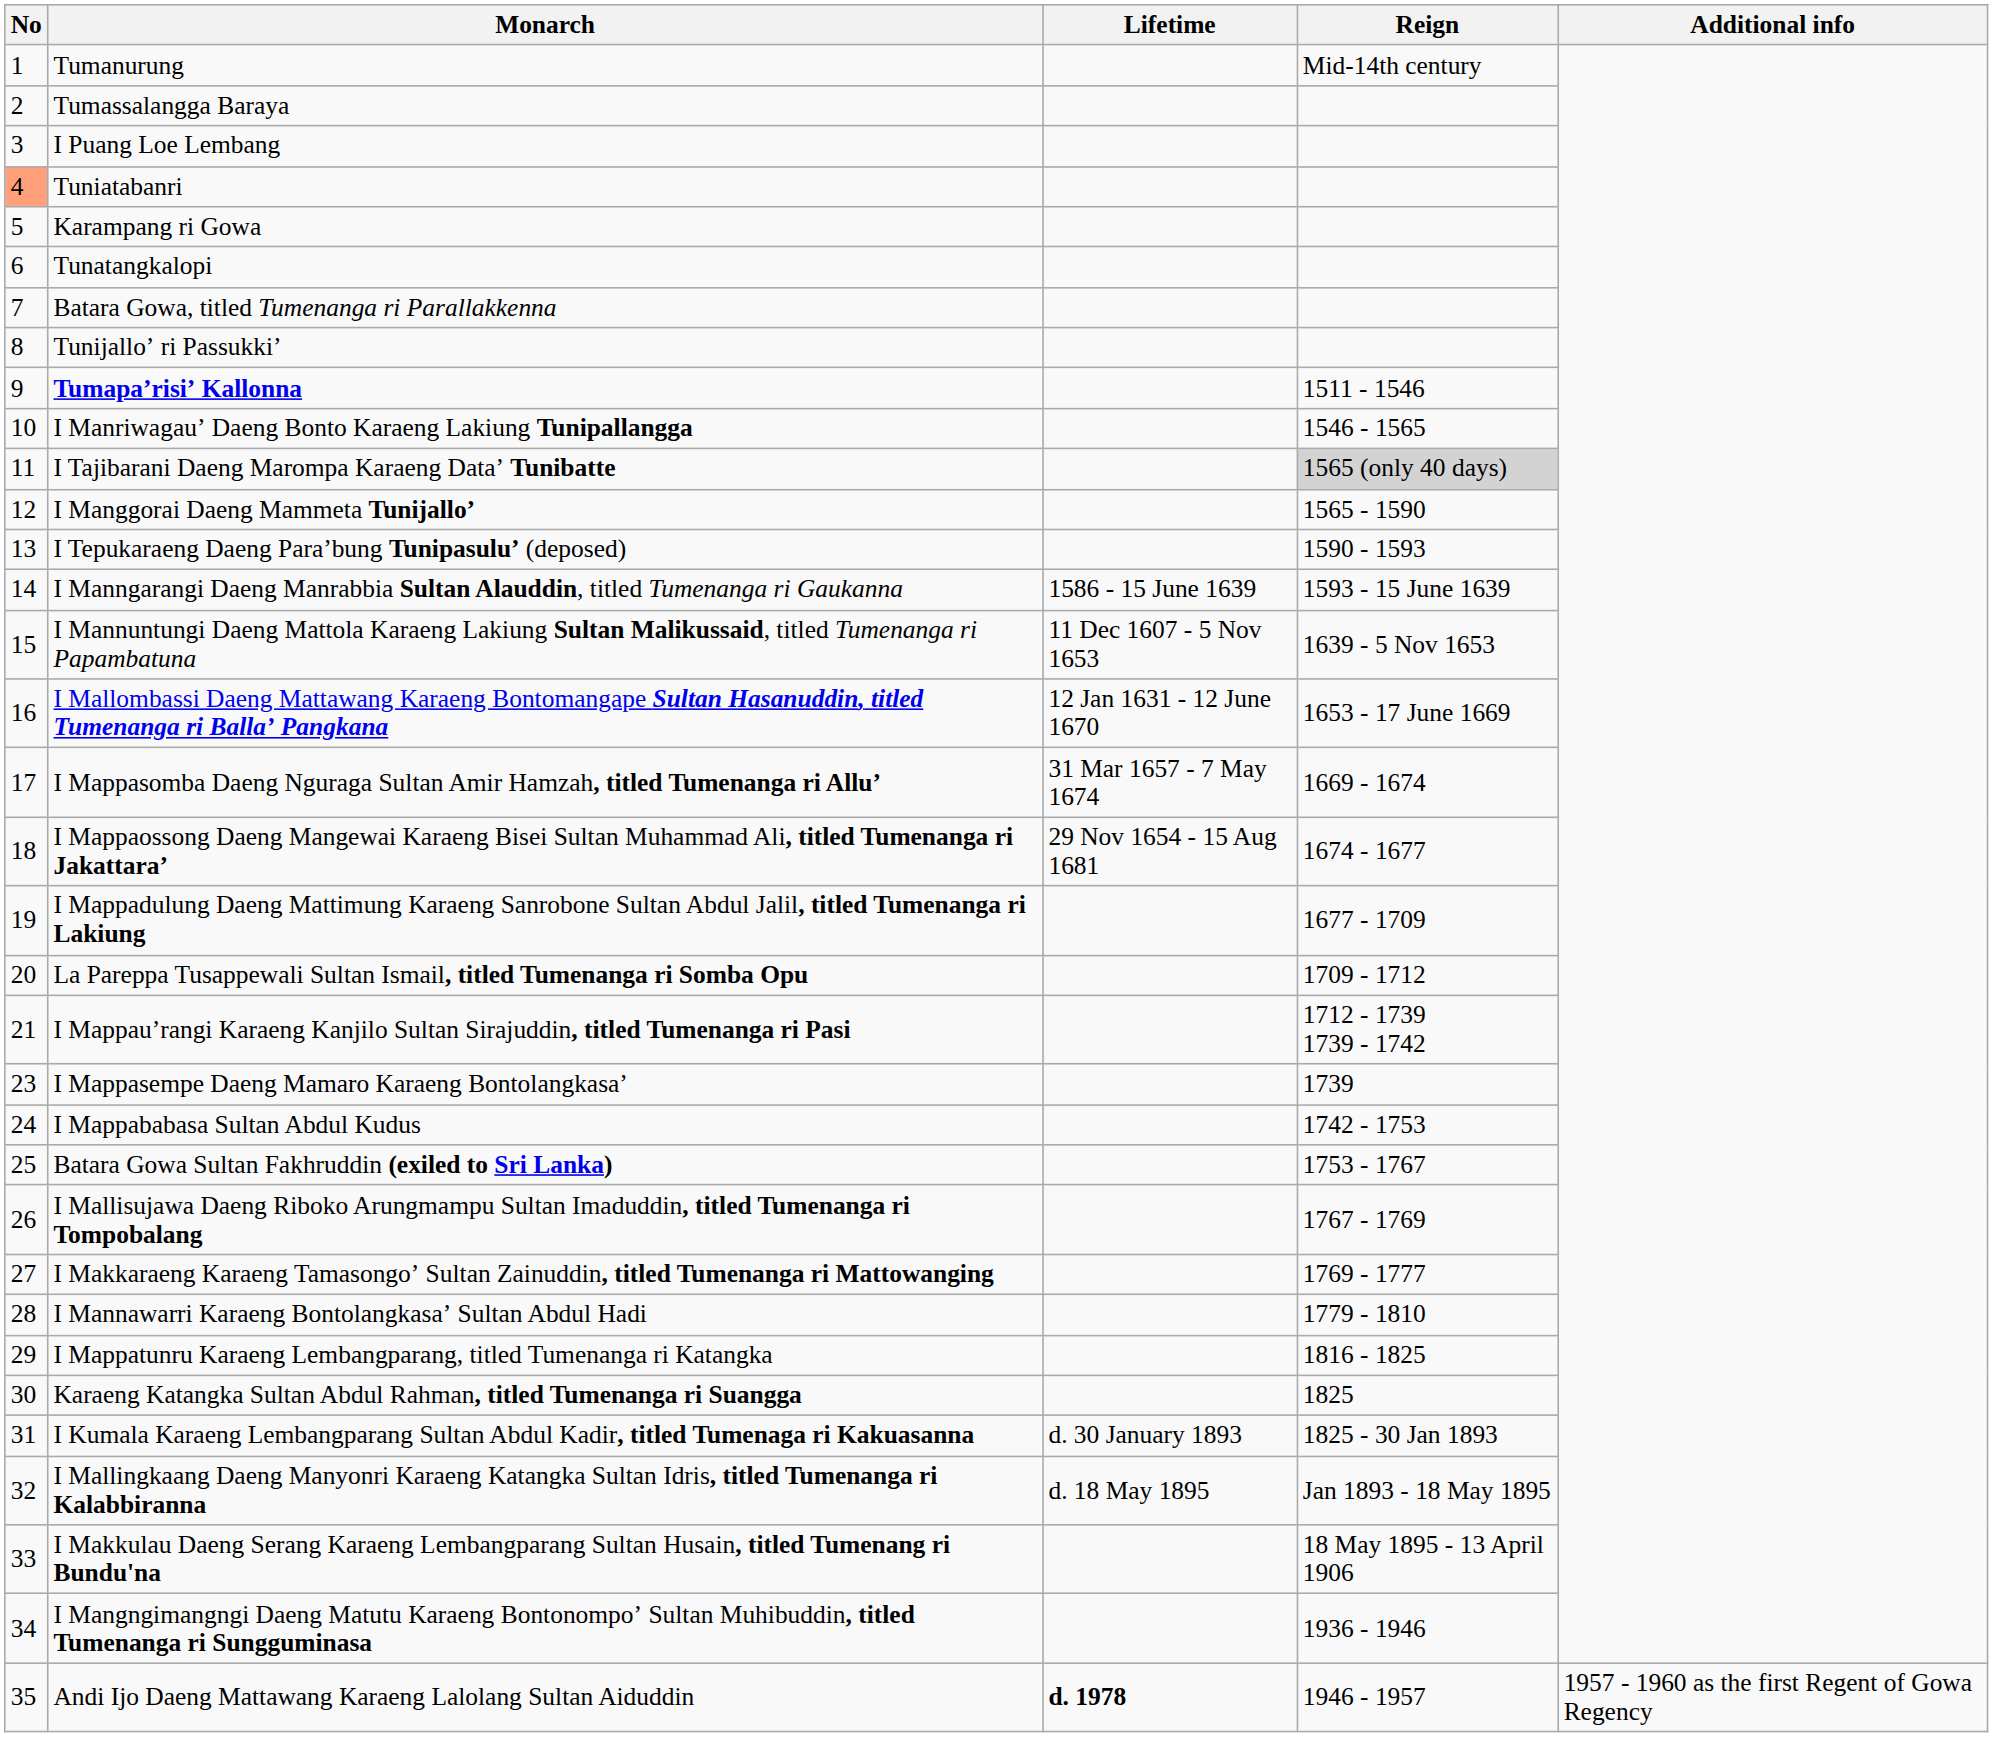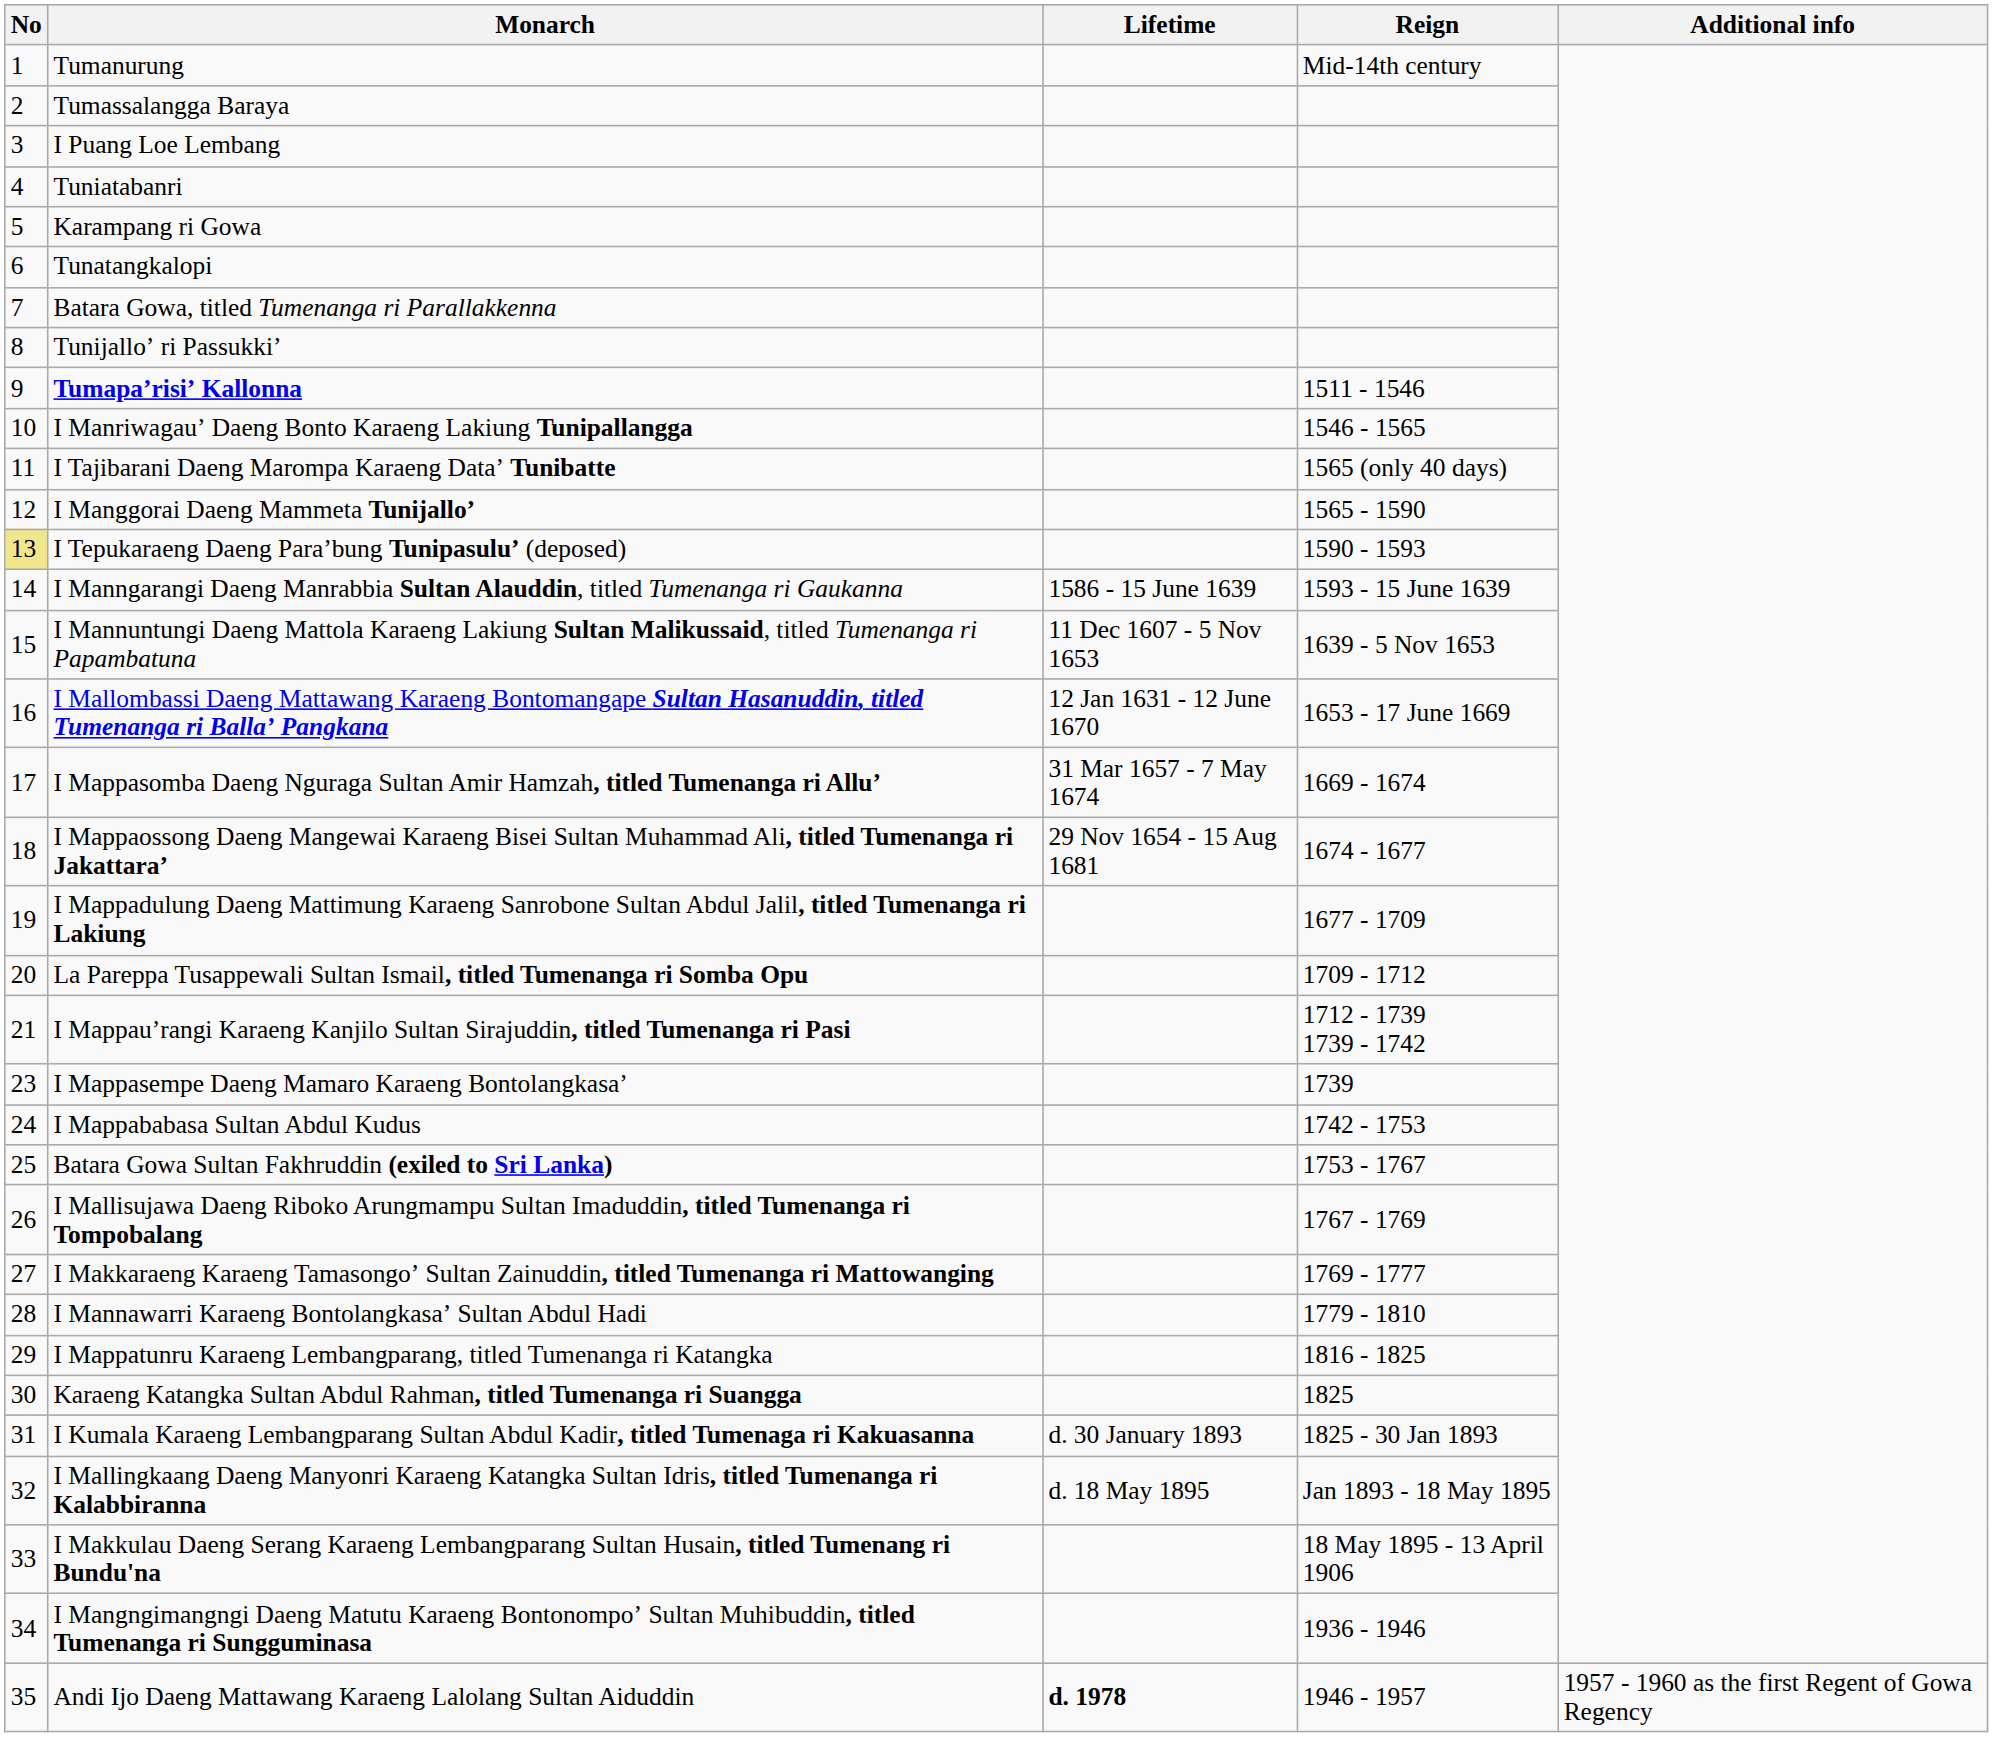 <table class="wikitable">
 <tr>
 <th>No</th>
 <th>Monarch</th>
 <th>Lifetime</th>
 <th>Reign</th>
 <th>Additional info</th>
 </tr>
 <tr>
 <td>1</td>
 <td>Tumanurung</td>
 <td></td>
 <td>Mid-14th century</td>
 </tr>
 <tr>
 <td>2</td>
 <td>Tumassalangga Baraya</td>
 <td></td>
 <td></td>
 </tr>
 <tr>
 <td>3</td>
 <td>I Puang Loe Lembang</td>
 <td></td>
 <td></td>
 </tr>
 <tr>
-<td style="background: lightsalmon;">4</td>
+<td>4</td>
 <td>Tuniatabanri</td>
 <td></td>
 <td></td>
 </tr>
 <tr>
 <td>5</td>
 <td>Karampang ri Gowa</td>
 <td></td>
 <td></td>
 </tr>
 <tr>
 <td>6</td>
 <td>Tunatangkalopi</td>
 <td></td>
 <td></td>
 </tr>
 <tr>
 <td>7</td>
 <td>Batara Gowa, titled <em>Tumenanga ri Parallakkenna</em></td>
 <td></td>
 <td></td>
 </tr>
 <tr>
 <td>8</td>
 <td>Tunijalloʼ ri Passukkiʼ</td>
 <td></td>
 <td></td>
 </tr>
 <tr>
 <td>9</td>
 <td><a href='#'><strong>Tumapaʼrisiʼ Kallonna</strong></a></td>
 <td></td>
 <td>1511 - 1546</td>
 </tr>
 <tr>
 <td>10</td>
 <td>I Manriwagauʼ Daeng Bonto Karaeng Lakiung <strong>Tunipallangga</strong></td>
 <td></td>
 <td>1546 - 1565</td>
 </tr>
 <tr>
 <td>11</td>
 <td>I Tajibarani Daeng Marompa Karaeng Dataʼ <strong>Tunibatte</strong></td>
 <td></td>
-<td style="background: lightgrey;">1565 (only 40 days)</td>
+<td>1565 (only 40 days)</td>
 </tr>
 <tr>
 <td>12</td>
 <td>I Manggorai Daeng Mammeta <strong>Tunijalloʼ</strong></td>
 <td></td>
 <td>1565 - 1590</td>
 </tr>
 <tr>
-<td>13</td>
+<td style="background: khaki;">13</td>
 <td>I Tepukaraeng Daeng Paraʼbung <strong>Tunipasuluʼ</strong> (deposed)</td>
 <td></td>
 <td>1590 - 1593</td>
 </tr>
 <tr>
 <td>14</td>
 <td>I Manngarangi Daeng Manrabbia <strong>Sultan Alauddin</strong>, titled <em>Tumenanga ri Gaukanna</em></td>
 <td>1586 - 15 June 1639</td>
 <td>1593 - 15 June 1639</td>
 </tr>
 <tr>
 <td>15</td>
 <td>I Mannuntungi Daeng Mattola Karaeng Lakiung <strong>Sultan Malikussaid</strong>, titled <em>Tumenanga ri Papambatuna</em></td>
 <td>11 Dec 1607 - 5 Nov 1653</td>
 <td>1639 -  5 Nov 1653</td>
 </tr>
 <tr>
 <td>16</td>
 <td><a href='#'>I Mallombassi Daeng Mattawang Karaeng Bontomangape <strong><em>Sultan Hasanuddin<strong>,<em> titled </em>Tumenanga ri Ballaʼ Pangkana<em></a></td>
 <td>12 Jan 1631 - 12 June 1670</td>
 <td>1653 - 17 June 1669</td>
 </tr>
 <tr>
 <td>17</td>
 <td>I Mappasomba Daeng Nguraga </strong>Sultan Amir Hamzah<strong>, titled </em>Tumenanga ri Alluʼ<em></td>
 <td>31 Mar 1657 - 7 May 1674</td>
 <td>1669 - 1674</td>
 </tr>
 <tr>
 <td>18</td>
 <td>I Mappaossong Daeng Mangewai Karaeng Bisei </strong>Sultan Muhammad Ali<strong>, titled </em>Tumenanga ri Jakattaraʼ<em></td>
 <td>29 Nov 1654 - 15 Aug 1681</td>
 <td>1674 - 1677</td>
 </tr>
 <tr>
 <td>19</td>
 <td>I Mappadulung Daeng Mattimung Karaeng Sanrobone </strong>Sultan Abdul Jalil<strong>, titled </em>Tumenanga ri Lakiung<em></td>
 <td></td>
 <td>1677 - 1709</td>
 </tr>
 <tr>
 <td>20</td>
 <td>La Pareppa Tusappewali </strong>Sultan Ismail<strong>, titled </em>Tumenanga ri Somba Opu<em></td>
 <td></td>
 <td>1709 - 1712</td>
 </tr>
 <tr>
 <td>21</td>
 <td>I Mappauʼrangi Karaeng Kanjilo </strong>Sultan Sirajuddin<strong>, titled </em>Tumenanga ri Pasi<em></td>
 <td></td>
 <td>1712 - 1739<br>1739 - 1742</td>
 </tr>
 <tr>
 <td>23</td>
 <td>I Mappasempe Daeng Mamaro Karaeng Bontolangkasaʼ</td>
 <td></td>
 <td>1739</td>
 </tr>
 <tr>
 <td>24</td>
 <td>I Mappababasa </strong>Sultan Abdul Kudus<strong></td>
 <td></td>
 <td>1742 - 1753</td>
 </tr>
 <tr>
 <td>25</td>
 <td>Batara Gowa </strong>Sultan Fakhruddin<strong> (exiled to <a href='#'>Sri Lanka</a>)</td>
 <td></td>
 <td>1753 - 1767</td>
 </tr>
 <tr>
 <td>26</td>
 <td>I Mallisujawa Daeng Riboko Arungmampu </strong>Sultan Imaduddin<strong>, titled </em>Tumenanga ri Tompobalang<em></td>
 <td></td>
 <td>1767 - 1769</td>
 </tr>
 <tr>
 <td>27</td>
 <td>I Makkaraeng Karaeng Tamasongoʼ </strong>Sultan Zainuddin<strong>, titled </em>Tumenanga ri Mattowanging<em></td>
 <td></td>
 <td>1769 - 1777</td>
 </tr>
 <tr>
 <td>28</td>
 <td>I Mannawarri Karaeng Bontolangkasaʼ </strong>Sultan Abdul Hadi<strong></td>
 <td></td>
 <td>1779 - 1810</td>
 </tr>
 <tr>
 <td>29</td>
 <td>I Mappatunru Karaeng Lembangparang, titled </em>Tumenanga ri Katangka<em></td>
 <td></td>
 <td>1816 - 1825</td>
 </tr>
 <tr>
 <td>30</td>
 <td>Karaeng Katangka </strong>Sultan Abdul Rahman<strong>, titled </em>Tumenanga ri Suangga<em></td>
 <td></td>
 <td>1825</td>
 </tr>
 <tr>
 <td>31</td>
 <td>I Kumala Karaeng Lembangparang </strong>Sultan Abdul Kadir<strong>, titled </em>Tumenaga ri Kakuasanna<em></td>
 <td>d. 30 January 1893</td>
 <td>1825 - 30 Jan 1893</td>
 </tr>
 <tr>
 <td>32</td>
 <td>I Mallingkaang Daeng Manyonri Karaeng Katangka </strong>Sultan Idris<strong>, titled </em>Tumenanga ri Kalabbiranna<em></td>
 <td>d. 18 May 1895</td>
 <td>Jan 1893 - 18 May 1895</td>
 </tr>
 <tr>
 <td>33</td>
 <td>I Makkulau Daeng Serang Karaeng Lembangparang </strong>Sultan Husain<strong>, titled </em>Tumenang ri Bundu'na<em></td>
 <td></td>
 <td>18 May 1895 - 13 April 1906</td>
 </tr>
 <tr>
 <td>34</td>
 <td>I Mangngimangngi Daeng Matutu Karaeng Bontonompoʼ </strong>Sultan Muhibuddin<strong>, titled </em>Tumenanga ri Sungguminasa<em></td>
 <td></td>
 <td>1936 - 1946</td>
 </tr>
 <tr>
 <td>35</td>
 <td>Andi Ijo Daeng Mattawang Karaeng Lalolang </strong>Sultan Aiduddin<strong></td>
 <td><strong>d. 1978</strong></td>
 <td>1946 - 1957</td>
 <td>1957 - 1960 as the first Regent of Gowa Regency</td>
 </tr>
 </table>
